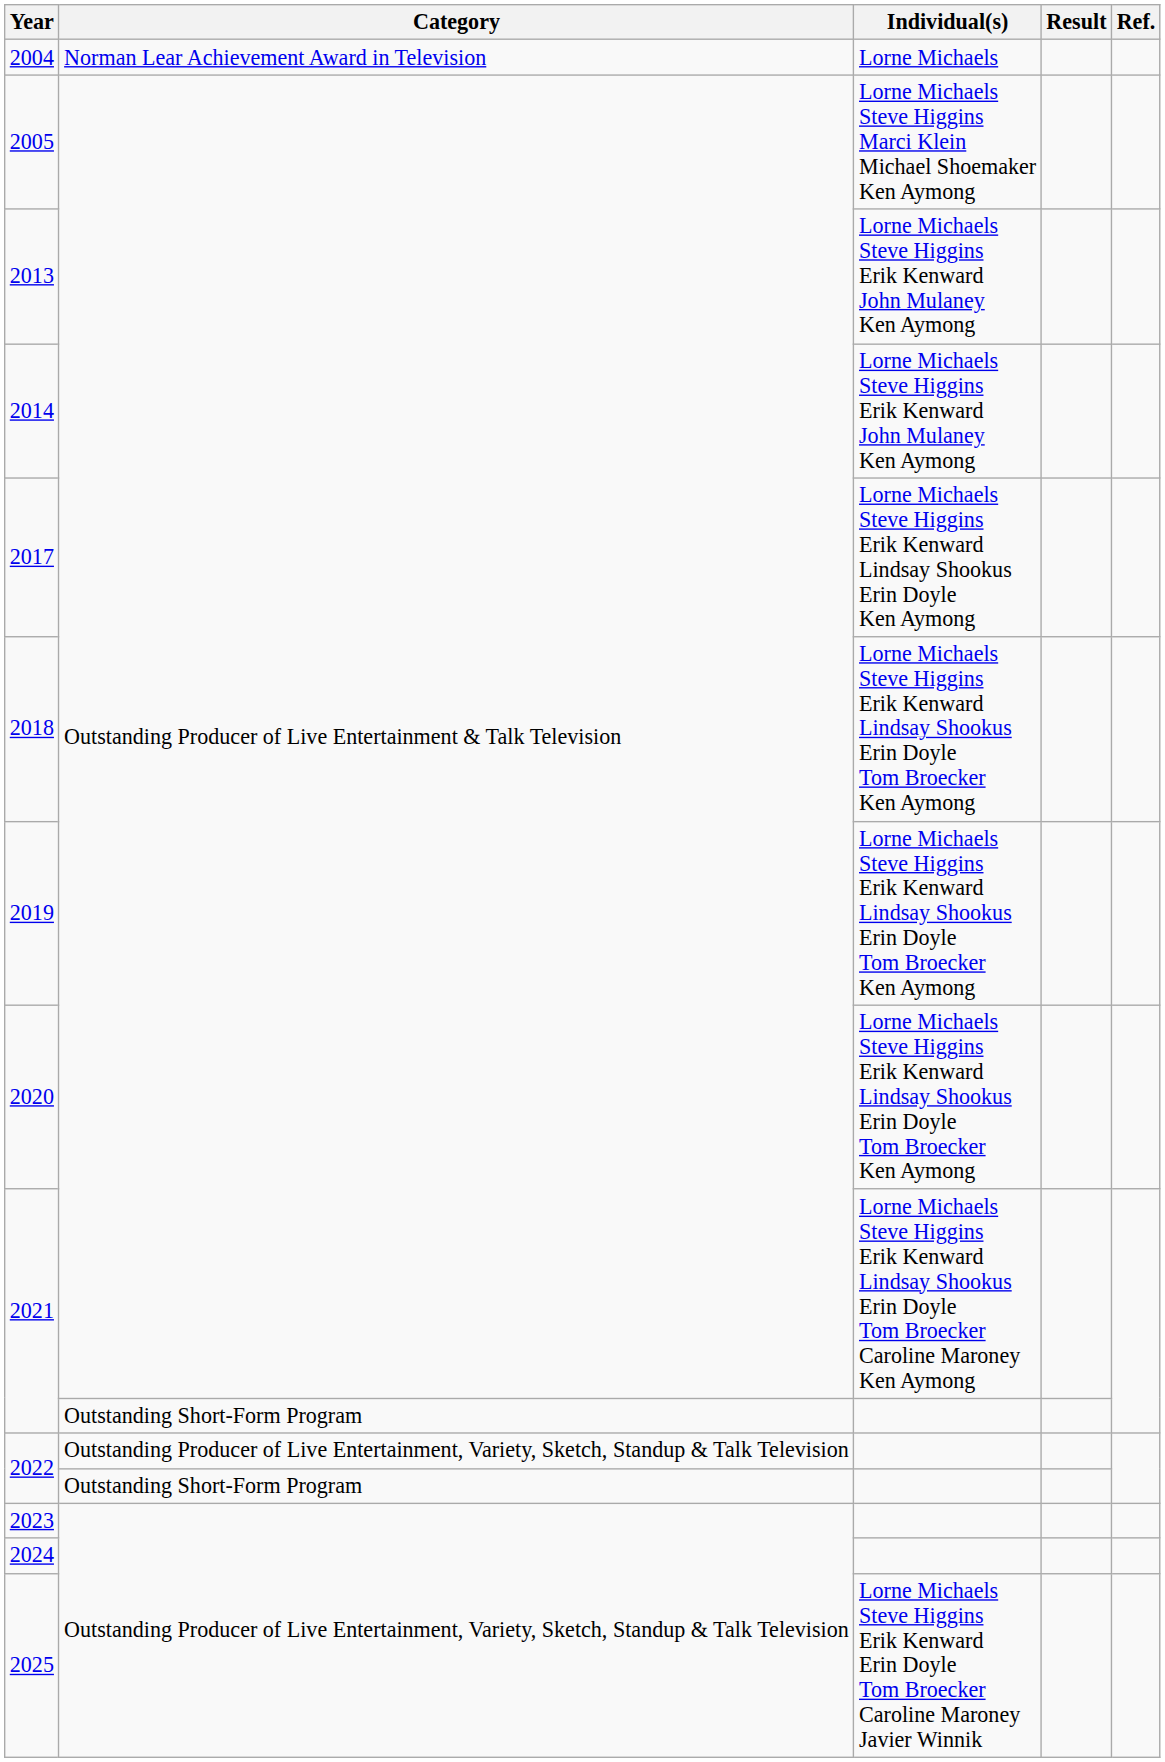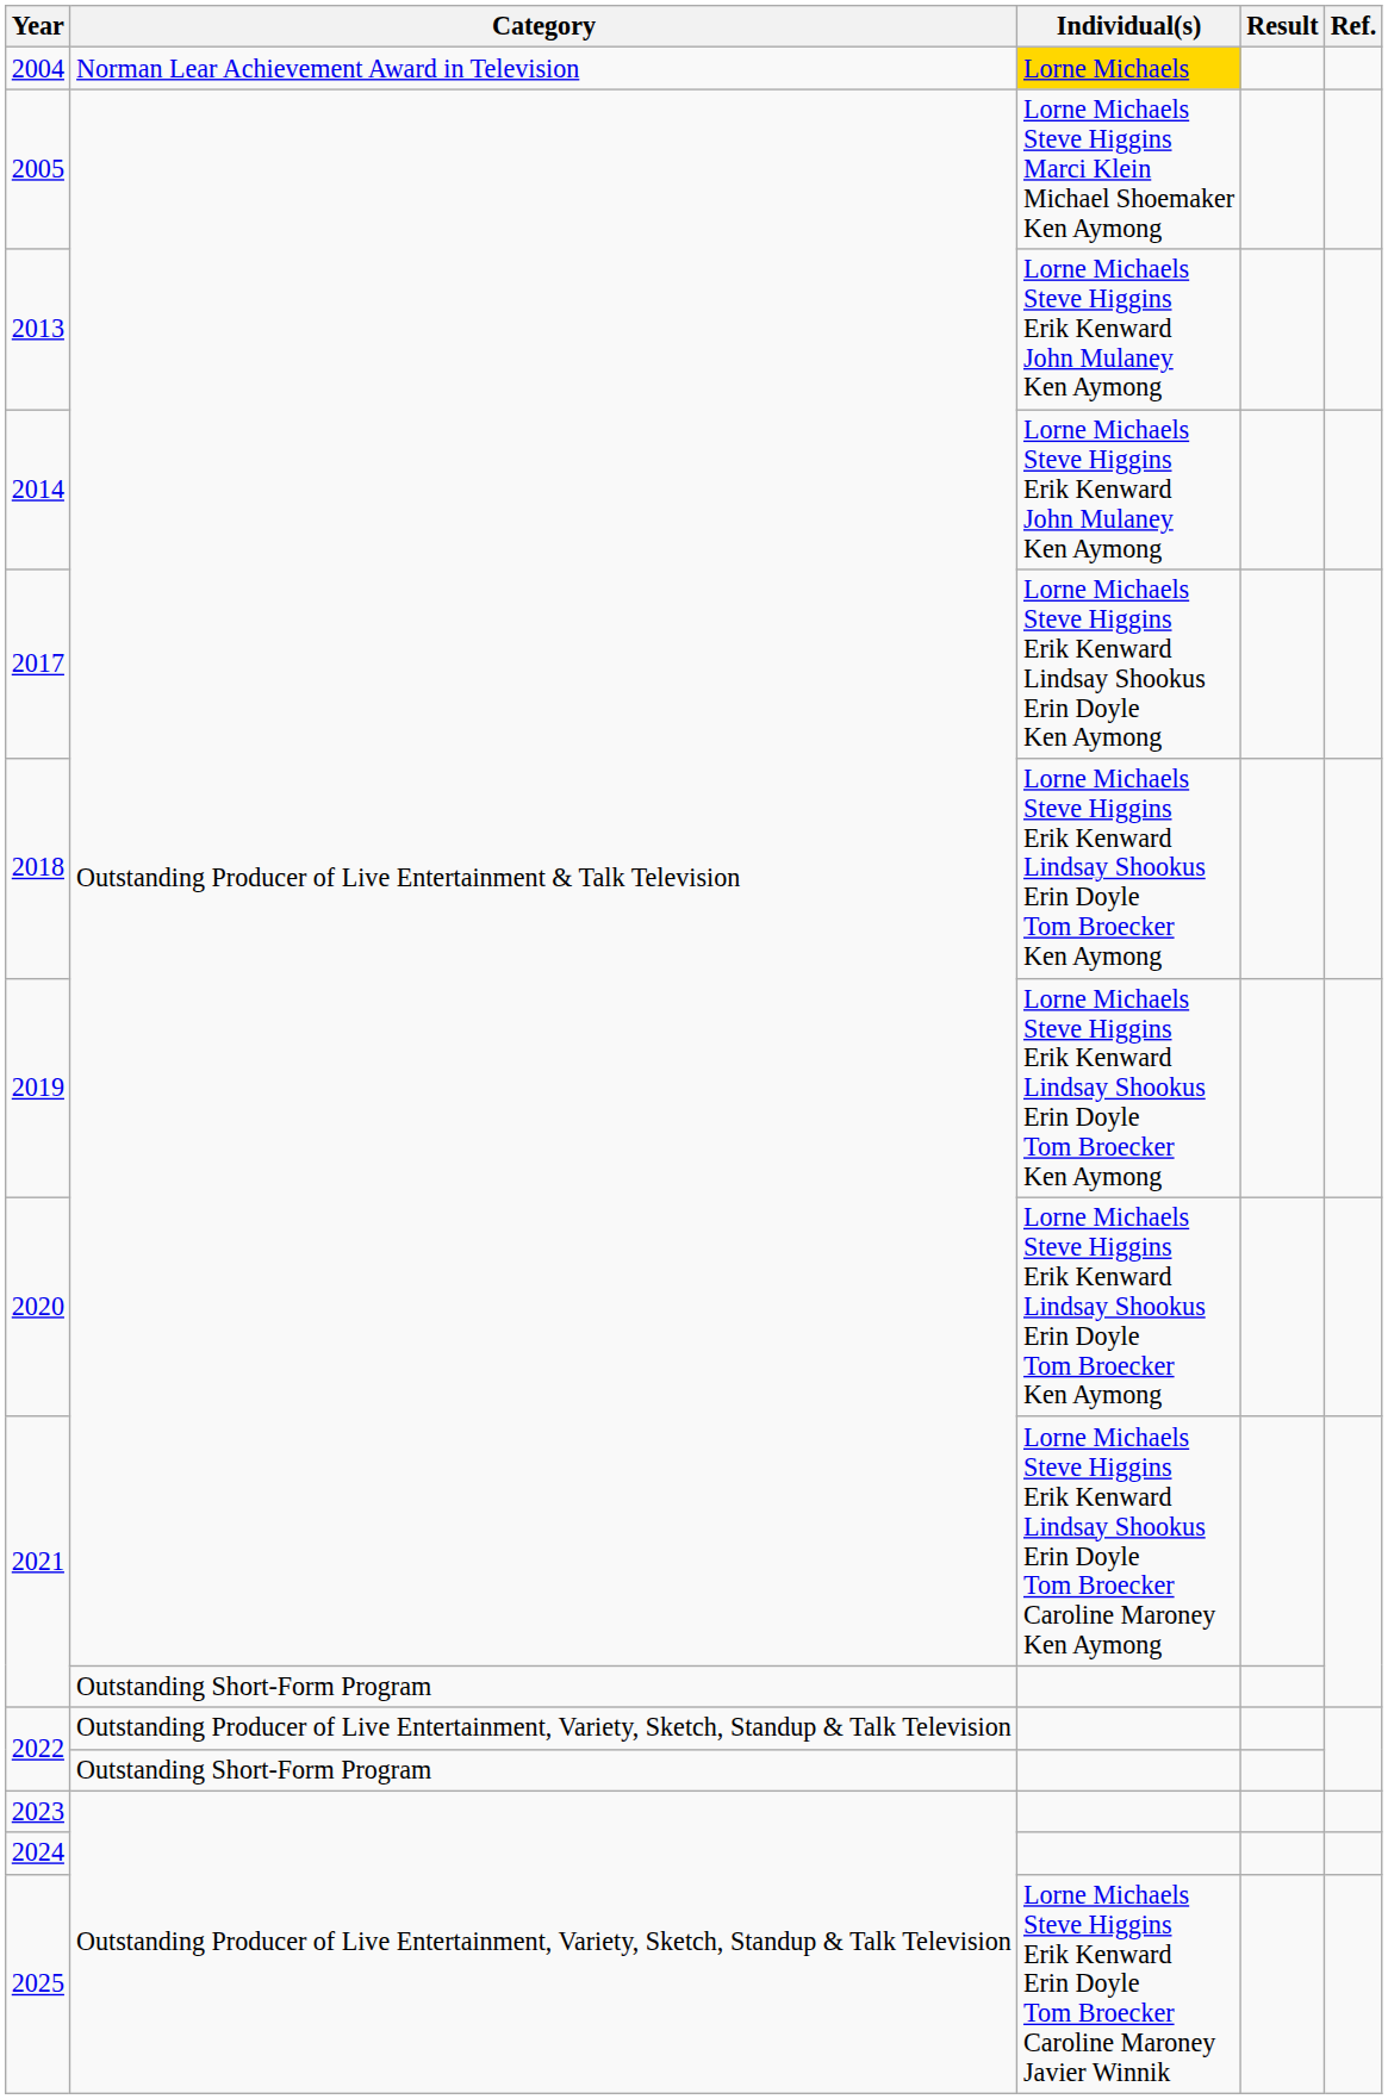 <table class="wikitable">
 <tr>
 <th>Year</th>
 <th>Category</th>
 <th>Individual(s)</th>
 <th>Result</th>
 <th>Ref.</th>
 </tr>
 <tr>
 <td><a href='#'>2004</a></td>
 <td><a href='#'>Norman Lear Achievement Award in Television</a></td>
-<td><a href='#'>Lorne Michaels</a></td>
+<td style="background: gold;"><a href='#'>Lorne Michaels</a></td>
 <td></td>
 <td align="center"></td>
 </tr>
 <tr>
 <td><a href='#'>2005</a></td>
 <td rowspan="8">Outstanding Producer of Live Entertainment & Talk Television</td>
 <td><a href='#'>Lorne Michaels</a> <br> <a href='#'>Steve Higgins</a> <br> <a href='#'>Marci Klein</a> <br> Michael Shoemaker <br> Ken Aymong</td>
 <td></td>
 <td align="center"></td>
 </tr>
 <tr>
 <td><a href='#'>2013</a></td>
 <td><a href='#'>Lorne Michaels</a> <br> <a href='#'>Steve Higgins</a> <br> Erik Kenward <br> <a href='#'>John Mulaney</a> <br> Ken Aymong</td>
 <td></td>
 <td align="center"></td>
 </tr>
 <tr>
 <td><a href='#'>2014</a></td>
 <td><a href='#'>Lorne Michaels</a> <br> <a href='#'>Steve Higgins</a> <br> Erik Kenward <br> <a href='#'>John Mulaney</a> <br> Ken Aymong</td>
 <td></td>
 <td align="center"></td>
 </tr>
 <tr>
 <td><a href='#'>2017</a></td>
 <td><a href='#'>Lorne Michaels</a> <br> <a href='#'>Steve Higgins</a> <br> Erik Kenward <br> Lindsay Shookus <br> Erin Doyle <br> Ken Aymong</td>
 <td></td>
 <td align="center"></td>
 </tr>
 <tr>
 <td><a href='#'>2018</a></td>
 <td><a href='#'>Lorne Michaels</a> <br> <a href='#'>Steve Higgins</a> <br> Erik Kenward <br> <a href='#'>Lindsay Shookus</a> <br> Erin Doyle <br> <a href='#'>Tom Broecker</a> <br> Ken Aymong</td>
 <td></td>
 <td align="center"></td>
 </tr>
 <tr>
 <td><a href='#'>2019</a></td>
 <td><a href='#'>Lorne Michaels</a> <br> <a href='#'>Steve Higgins</a> <br> Erik Kenward <br> <a href='#'>Lindsay Shookus</a> <br> Erin Doyle <br> <a href='#'>Tom Broecker</a> <br> Ken Aymong</td>
 <td></td>
 <td align="center"></td>
 </tr>
 <tr>
 <td><a href='#'>2020</a></td>
 <td><a href='#'>Lorne Michaels</a> <br> <a href='#'>Steve Higgins</a> <br> Erik Kenward <br> <a href='#'>Lindsay Shookus</a> <br> Erin Doyle <br> <a href='#'>Tom Broecker</a> <br> Ken Aymong</td>
 <td></td>
 <td align="center"></td>
 </tr>
 <tr>
 <td rowspan="2"><a href='#'>2021</a></td>
 <td><a href='#'>Lorne Michaels</a> <br> <a href='#'>Steve Higgins</a> <br> Erik Kenward <br> <a href='#'>Lindsay Shookus</a> <br> Erin Doyle <br> <a href='#'>Tom Broecker</a> <br> Caroline Maroney <br> Ken Aymong</td>
 <td></td>
 <td rowspan="2" align="center"></td>
 </tr>
 <tr>
 <td>Outstanding Short-Form Program</td>
 <td></td>
 <td></td>
 </tr>
 <tr>
 <td rowspan="2"><a href='#'>2022</a></td>
 <td>Outstanding Producer of Live Entertainment, Variety, Sketch, Standup & Talk Television</td>
 <td></td>
 <td></td>
 <td rowspan="2" align="center"></td>
 </tr>
 <tr>
 <td>Outstanding Short-Form Program</td>
 <td></td>
 <td></td>
 </tr>
 <tr>
 <td><a href='#'>2023</a></td>
 <td rowspan="3">Outstanding Producer of Live Entertainment, Variety, Sketch, Standup & Talk Television</td>
 <td></td>
 <td></td>
 <td align="center"></td>
 </tr>
 <tr>
 <td><a href='#'>2024</a></td>
 <td></td>
 <td></td>
 <td align="center"></td>
 </tr>
 <tr>
 <td><a href='#'>2025</a></td>
 <td><a href='#'>Lorne Michaels</a> <br> <a href='#'>Steve Higgins</a> <br> Erik Kenward <br> Erin Doyle <br> <a href='#'>Tom Broecker</a> <br> Caroline Maroney <br> Javier Winnik</td>
 <td></td>
 <td align="center"></td>
 </tr>
 </table>
